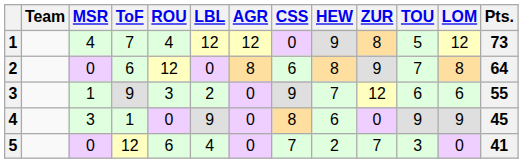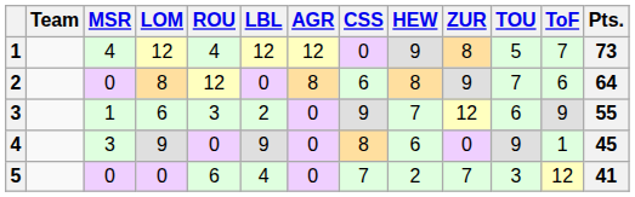 <table class="wikitable" style="font-size:77%; text-align:center">
 <tr>
 <th></th>
 <th>Team</th>
 <th><a href='#'>MSR</a></th>
-<th><a href='#'>ToF</a></th>
+<th><a href='#'>LOM</a></th>
 <th><a href='#'>ROU</a></th>
 <th><a href='#'>LBL</a></th>
 <th><a href='#'>AGR</a></th>
 <th><a href='#'>CSS</a></th>
 <th><a href='#'>HEW</a></th>
 <th><a href='#'>ZUR</a></th>
 <th><a href='#'>TOU</a></th>
-<th><a href='#'>LOM</a></th>
+<th><a href='#'>ToF</a></th>
 <th>Pts.</th>
 </tr>
 <tr>
 <th>1</th>
 <td style="text-align:left;"></td>
 <td style="background:#dfffdf;">4</td>
-<td style="background:#dfffdf;">7</td>
+<td style="background:#FFFFBF;">12</td>
 <td style="background:#dfffdf;">4</td>
 <td style="background:#FFFFBF;">12</td>
 <td style="background:#FFFFBF;">12</td>
 <td style="background:#EFCFFF;">0</td>
 <td style="background:#dfdfdf;">9</td>
 <td style="background:#ffdf9f;">8</td>
 <td style="background:#dfffdf;">5</td>
-<td style="background:#FFFFBF;">12</td>
+<td style="background:#dfffdf;">7</td>
 <th>73</th>
 </tr>
 <tr>
 <th>2</th>
 <td style="text-align:left;"></td>
 <td style="background:#EFCFFF;">0</td>
-<td style="background:#dfffdf;">6</td>
+<td style="background:#ffdf9f;">8</td>
 <td style="background:#FFFFBF;">12</td>
 <td style="background:#EFCFFF;">0</td>
 <td style="background:#ffdf9f;">8</td>
 <td style="background:#dfffdf;">6</td>
 <td style="background:#ffdf9f;">8</td>
 <td style="background:#dfdfdf;">9</td>
 <td style="background:#dfffdf;">7</td>
-<td style="background:#ffdf9f;">8</td>
+<td style="background:#dfffdf;">6</td>
 <th>64</th>
 </tr>
 <tr>
 <th>3</th>
 <td style="text-align:left;"></td>
 <td style="background:#dfffdf;">1</td>
-<td style="background:#dfdfdf;">9</td>
+<td style="background:#dfffdf;">6</td>
 <td style="background:#dfffdf;">3</td>
 <td style="background:#dfffdf;">2</td>
 <td style="background:#EFCFFF;">0</td>
 <td style="background:#dfdfdf;">9</td>
 <td style="background:#dfffdf;">7</td>
 <td style="background:#FFFFBF;">12</td>
 <td style="background:#dfffdf;">6</td>
-<td style="background:#dfffdf;">6</td>
+<td style="background:#dfdfdf;">9</td>
 <th>55</th>
 </tr>
 <tr>
 <th>4</th>
 <td style="text-align:left;"></td>
 <td style="background:#dfffdf;">3</td>
-<td style="background:#dfffdf;">1</td>
+<td style="background:#dfdfdf;">9</td>
 <td style="background:#EFCFFF;">0</td>
 <td style="background:#dfdfdf;">9</td>
 <td style="background:#EFCFFF;">0</td>
 <td style="background:#ffdf9f;">8</td>
 <td style="background:#dfffdf;">6</td>
 <td style="background:#EFCFFF;">0</td>
 <td style="background:#dfdfdf;">9</td>
-<td style="background:#dfdfdf;">9</td>
+<td style="background:#dfffdf;">1</td>
 <th>45</th>
 </tr>
 <tr>
 <th>5</th>
 <td style="text-align:left;"></td>
 <td style="background:#EFCFFF;">0</td>
-<td style="background:#FFFFBF;">12</td>
+<td style="background:#EFCFFF;">0</td>
 <td style="background:#dfffdf;">6</td>
 <td style="background:#dfffdf;">4</td>
 <td style="background:#EFCFFF;">0</td>
 <td style="background:#dfffdf;">7</td>
 <td style="background:#dfffdf;">2</td>
 <td style="background:#dfffdf;">7</td>
 <td style="background:#dfffdf;">3</td>
-<td style="background:#EFCFFF;">0</td>
+<td style="background:#FFFFBF;">12</td>
 <th>41</th>
 </tr>
 </table>
